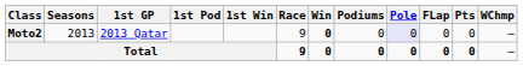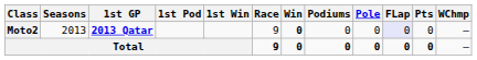 <table class="wikitable" style="font-size:98%; text-align:right;">
 <tr>
 <th>Class</th>
 <th>Seasons</th>
 <th>1st GP</th>
 <th>1st Pod</th>
 <th>1st Win</th>
 <th>Race</th>
 <th>Win</th>
 <th>Podiums</th>
 <th><a href='#'>Pole</a></th>
 <th>FLap</th>
 <th>Pts</th>
 <th>WChmp</th>
 </tr>
 <tr>
 <th>Moto2</th>
 <td>2013</td>
-<td align="left"><a href='#'>2013 Qatar</a></td>
+<td align="left"><strong><a href='#'>2013 Qatar</a></strong></td>
 <td align="left"></td>
 <td align="left"></td>
 <td>9</td>
 <td><strong>0</strong></td>
 <td>0</td>
+<td>0</td>
 <td style="background: lavender;">0</td>
-<td>0</td>
 <td>0</td>
 <td> –</td>
 </tr>
 <tr>
 <th colspan=5>Total</th>
 <td><strong>9</strong></td>
 <td><strong>0</strong></td>
 <td><strong>0</strong></td>
 <td><strong>0</strong></td>
 <td><strong>0</strong></td>
 <td><strong>0</strong></td>
 <td> –</td>
 </tr>
 </table>
